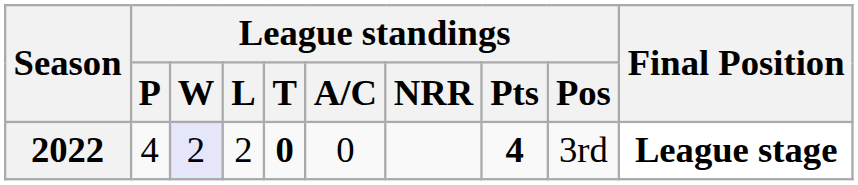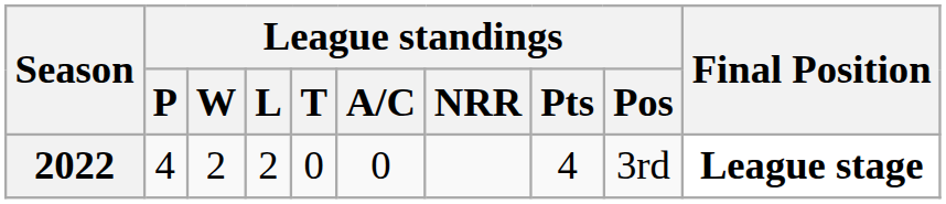 <table class="wikitable sortable" style="text-align:center">
 <tr>
 <th scope="col" rowspan="2">Season</th>
 <th scope="col" colspan="8">League standings</th>
 <th scope="col" rowspan="2">Final Position</th>
 </tr>
 <tr>
 <th scope="col">P</th>
 <th scope="col">W</th>
 <th scope="col">L</th>
 <th scope="col">T</th>
 <th scope="col">A/C</th>
 <th scope="col">NRR</th>
 <th scope="col">Pts</th>
 <th scope="col">Pos</th>
 </tr>
 <tr>
 <th scope="row">2022</th>
 <td>4</td>
-<td style="background: lavender;">2</td>
 <td>2</td>
-<td><strong>0</strong></td>
+<td>2</td>
+<td>0</td>
 <td>0</td>
 <td></td>
-<td><strong>4</strong></td>
+<td>4</td>
 <td>3rd</td>
 <th style="background: white;">League stage</th>
 </tr>
 </table>
